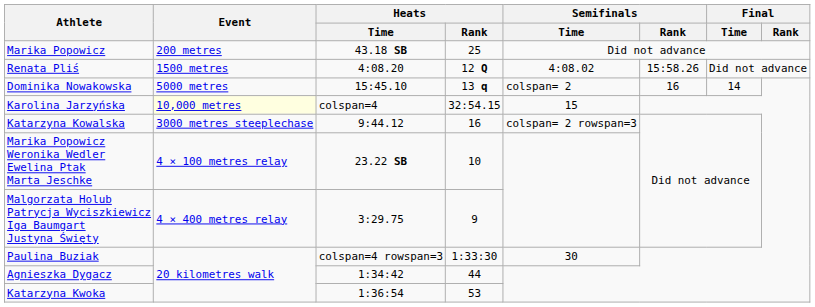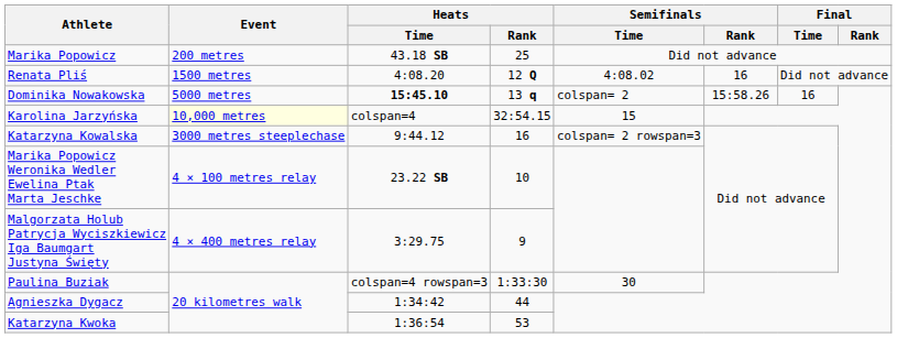 <table class=wikitable style="font-size:90%;">
 <tr>
 <th rowspan="2">Athlete</th>
 <th rowspan="2">Event</th>
 <th colspan="2">Heats</th>
 <th colspan="2">Semifinals</th>
 <th colspan="2">Final</th>
 </tr>
 <tr>
 <th>Time</th>
 <th>Rank</th>
 <th>Time</th>
 <th>Rank</th>
 <th>Time</th>
 <th>Rank</th>
 </tr>
 <tr style="border-top: single;">
 <td><a href='#'>Marika Popowicz</a></td>
 <td><a href='#'>200 metres</a></td>
 <td align=center>43.18 <strong>SB</strong></td>
 <td align=center>25</td>
 <td colspan=4 align=center>Did not advance</td>
 </tr>
 <tr style="border-top: single;">
 <td><a href='#'>Renata Pliś</a></td>
 <td><a href='#'>1500 metres</a></td>
 <td align=center>4:08.20</td>
 <td align=center>12 <strong>Q</strong></td>
 <td align=center>4:08.02</td>
-<td align=center>15:58.26</td>
+<td align=center>16</td>
 <td colspan=2 align=center>Did not advance</td>
 </tr>
 <tr style="border-top: single;">
 <td><a href='#'>Dominika Nowakowska</a></td>
 <td><a href='#'>5000 metres</a></td>
-<td align=center>15:45.10</td>
+<td align=center><strong>15:45.10</strong></td>
 <td align=center>13 <strong>q</strong></td>
 <td>colspan= 2 </td>
+<td align=center>15:58.26</td>
 <td align=center>16</td>
-<td align=center>14</td>
 </tr>
 <tr style="border-top: single;">
 <td><a href='#'>Karolina Jarzyńska</a></td>
 <td style="background: lightyellow;"><a href='#'>10,000 metres</a></td>
 <td>colspan=4 </td>
 <td align=center>32:54.15</td>
 <td align=center>15</td>
 </tr>
 <tr style="border-top: single;">
 <td><a href='#'>Katarzyna Kowalska</a></td>
 <td><a href='#'>3000 metres steeplechase</a></td>
 <td align=center>9:44.12</td>
 <td align=center>16</td>
 <td>colspan= 2 rowspan=3 </td>
 <td colspan=2 rowspan=3 align=center>Did not advance</td>
 </tr>
 <tr style="border-top: single;">
 <td><a href='#'>Marika Popowicz</a><br><a href='#'>Weronika Wedler</a><br><a href='#'>Ewelina Ptak</a><br><a href='#'>Marta Jeschke</a></td>
 <td><a href='#'>4 × 100 metres relay</a></td>
 <td align=center>23.22 <strong>SB</strong></td>
 <td align=center>10</td>
 </tr>
 <tr style="border-top: single;">
 <td><a href='#'>Malgorzata Holub</a><br><a href='#'>Patrycja Wyciszkiewicz</a><br><a href='#'>Iga Baumgart</a><br><a href='#'>Justyna Święty</a></td>
 <td><a href='#'>4 × 400 metres relay</a></td>
 <td align=center>3:29.75</td>
 <td align=center>9</td>
 </tr>
 <tr style="border-top: single;">
 <td><a href='#'>Paulina Buziak</a></td>
 <td rowspan=3><a href='#'>20 kilometres walk</a></td>
 <td>colspan=4 rowspan=3 </td>
 <td align=center>1:33:30</td>
 <td align=center>30</td>
 </tr>
 <tr style="border-top: single;">
 <td><a href='#'>Agnieszka Dygacz</a></td>
 <td align=center>1:34:42</td>
 <td align=center>44</td>
 </tr>
 <tr style="border-top: single;">
 <td><a href='#'>Katarzyna Kwoka</a></td>
 <td align=center>1:36:54</td>
 <td align=center>53</td>
 </tr>
 </table>
